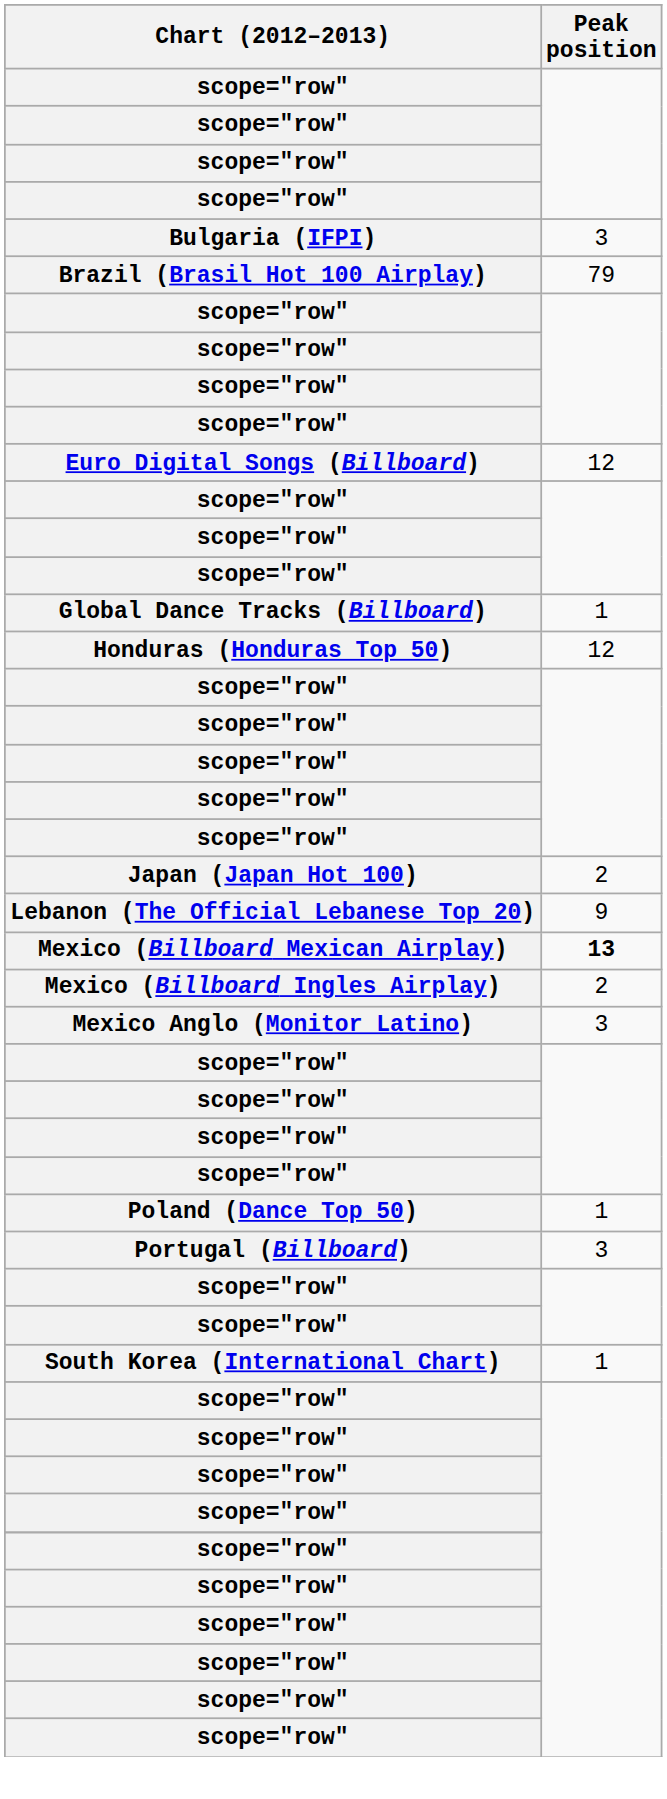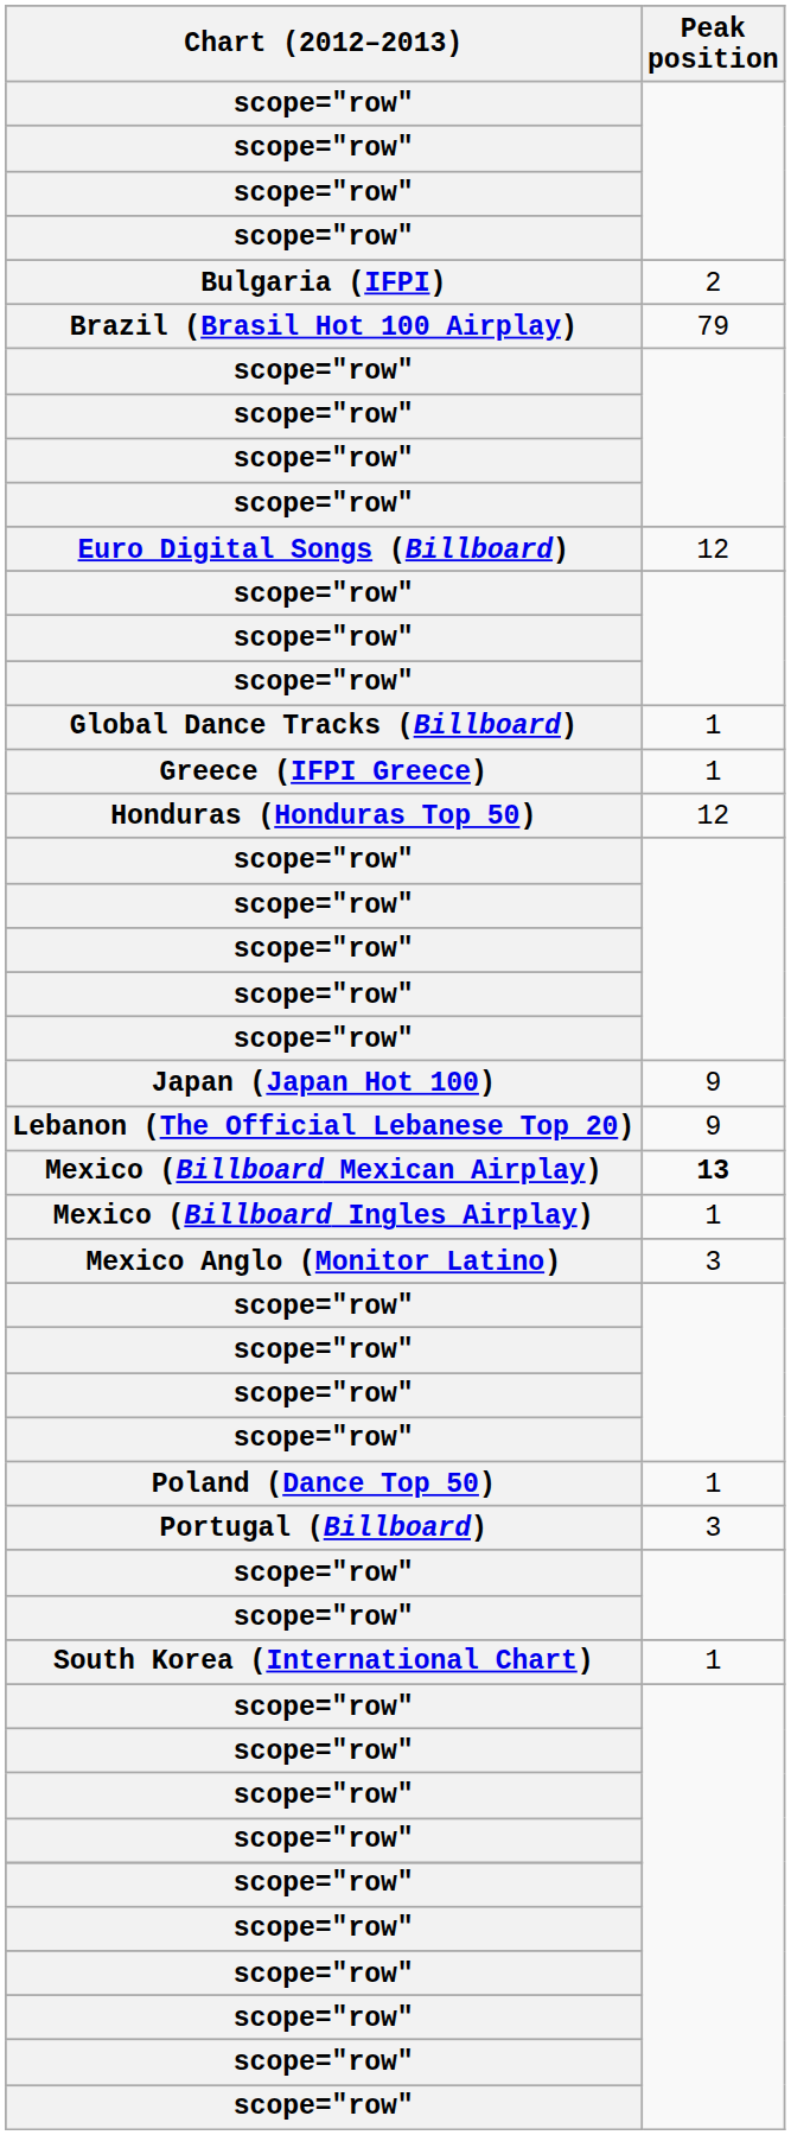 <table class="wikitable plainrowheaders sortable" style="text-align:center;">
 <tr>
 <th scope="col">Chart (2012–2013)</th>
 <th scope="col">Peak<br>position</th>
 </tr>
 <tr>
 <th>scope="row"</th>
 </tr>
 <tr>
 <th>scope="row"</th>
 </tr>
 <tr>
 <th>scope="row"</th>
 </tr>
 <tr>
 <th>scope="row"</th>
 </tr>
 <tr>
 <th scope="row">Bulgaria (<a href='#'>IFPI</a>)</th>
-<td>3</td>
+<td>2</td>
 </tr>
 <tr>
 <th scope="row">Brazil (<a href='#'>Brasil Hot 100 Airplay</a>)</th>
 <td style="text-align:center;">79</td>
 </tr>
 <tr>
 <th>scope="row"</th>
 </tr>
 <tr>
 <th>scope="row"</th>
 </tr>
 <tr>
 <th>scope="row"</th>
 </tr>
 <tr>
 <th>scope="row"</th>
 </tr>
 <tr>
 <th scope="row"><a href='#'>Euro Digital Songs</a> (<em><a href='#'>Billboard</a></em>)</th>
 <td align="center">12</td>
 </tr>
 <tr>
 <th>scope="row"</th>
 </tr>
 <tr>
 <th>scope="row"</th>
 </tr>
 <tr>
 <th>scope="row"</th>
 </tr>
 <tr>
 <th scope="row">Global Dance Tracks (<em><a href='#'>Billboard</a></em>)</th>
 <td align="center">1</td>
 </tr>
 <tr>
+<th scope="row">Greece (<a href='#'>IFPI Greece</a>)</th>
+<td style="text-align:center;">1</td>
+</tr>
+<tr>
 <th scope="row">Honduras (<a href='#'>Honduras Top 50</a>)</th>
 <td style="text-align:center;">12</td>
 </tr>
 <tr>
 <th>scope="row"</th>
 </tr>
 <tr>
 <th>scope="row"</th>
 </tr>
 <tr>
 <th>scope="row"</th>
 </tr>
 <tr>
 <th>scope="row"</th>
 </tr>
 <tr>
 <th>scope="row"</th>
 </tr>
 <tr>
 <th scope="row">Japan (<a href='#'>Japan Hot 100</a>)</th>
-<td style="text-align:center;">2</td>
+<td style="text-align:center;">9</td>
 </tr>
 <tr>
 <th scope="row">Lebanon (<a href='#'>The Official Lebanese Top 20</a>)</th>
 <td style="text-align:center;">9</td>
 </tr>
 <tr>
 <th scope="row">Mexico (<a href='#'><em>Billboard</em> Mexican Airplay</a>)</th>
 <td style="text-align:center;"><strong>13</strong></td>
 </tr>
 <tr>
 <th scope="row">Mexico (<a href='#'><em>Billboard</em> Ingles Airplay</a>)</th>
-<td style="text-align:center;">2</td>
+<td style="text-align:center;">1</td>
 </tr>
 <tr>
 <th scope="row">Mexico Anglo (<a href='#'>Monitor Latino</a>)</th>
 <td style="text-align:center;">3</td>
 </tr>
 <tr>
 <th>scope="row"</th>
 </tr>
 <tr>
 <th>scope="row"</th>
 </tr>
 <tr>
 <th>scope="row"</th>
 </tr>
 <tr>
 <th>scope="row"</th>
 </tr>
 <tr>
 <th scope="row">Poland (<a href='#'>Dance Top 50</a>)</th>
 <td style="text-align:center;">1</td>
 </tr>
 <tr>
 <th scope="row">Portugal (<a href='#'><em>Billboard</em></a>)</th>
 <td style="text-align:center;">3</td>
 </tr>
 <tr>
 <th>scope="row"</th>
 </tr>
 <tr>
 <th>scope="row"</th>
 </tr>
 <tr>
 <th scope="row">South Korea (<a href='#'>International Chart</a>)</th>
 <td style="text-align:center;">1</td>
 </tr>
 <tr>
 <th>scope="row"</th>
 </tr>
 <tr>
 <th>scope="row"</th>
 </tr>
 <tr>
 <th>scope="row"</th>
 </tr>
 <tr>
 <th>scope="row"</th>
 </tr>
 <tr>
 </tr>
 <tr>
 <th>scope="row"</th>
 </tr>
 <tr>
 <th>scope="row"</th>
 </tr>
 <tr>
 <th>scope="row"</th>
 </tr>
 <tr>
 <th>scope="row"</th>
 </tr>
 <tr>
 <th>scope="row"</th>
 </tr>
 <tr>
 <th>scope="row"</th>
 </tr>
 </table>
